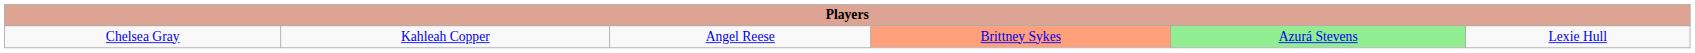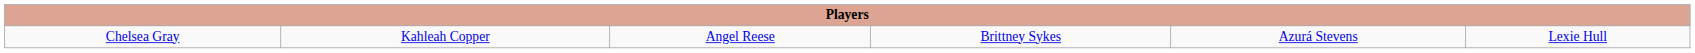 <table class="wikitable" style="width:100%; text-align:center; font-size:100%">
 <tr>
 <th style="background:#dda493" colspan="6" align="center">Players</th>
 </tr>
 <tr>
 <td><a href='#'>Chelsea Gray</a></td>
 <td><a href='#'>Kahleah Copper</a></td>
 <td><a href='#'>Angel Reese</a></td>
-<td style="background: lightsalmon;"><a href='#'>Brittney Sykes</a></td>
-<td style="background: lightgreen;"><a href='#'>Azurá Stevens</a></td>
+<td><a href='#'>Brittney Sykes</a></td>
+<td><a href='#'>Azurá Stevens</a></td>
 <td><a href='#'>Lexie Hull</a></td>
 </tr>
 </table>
